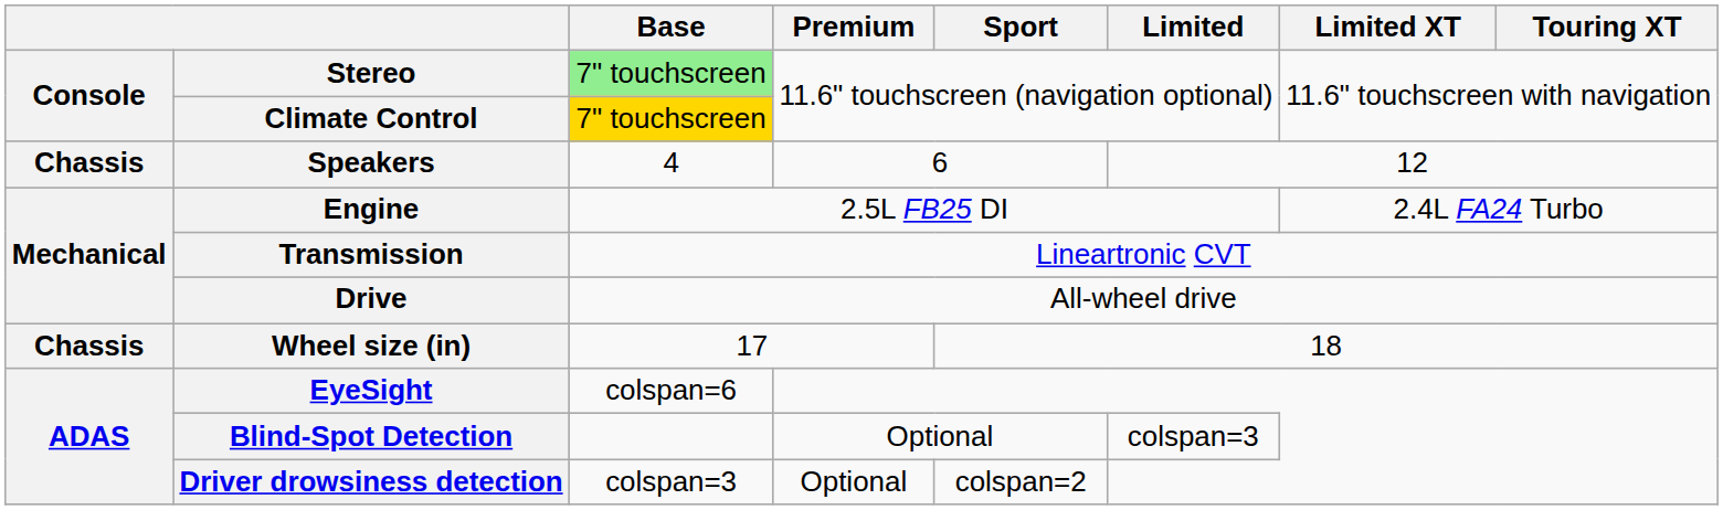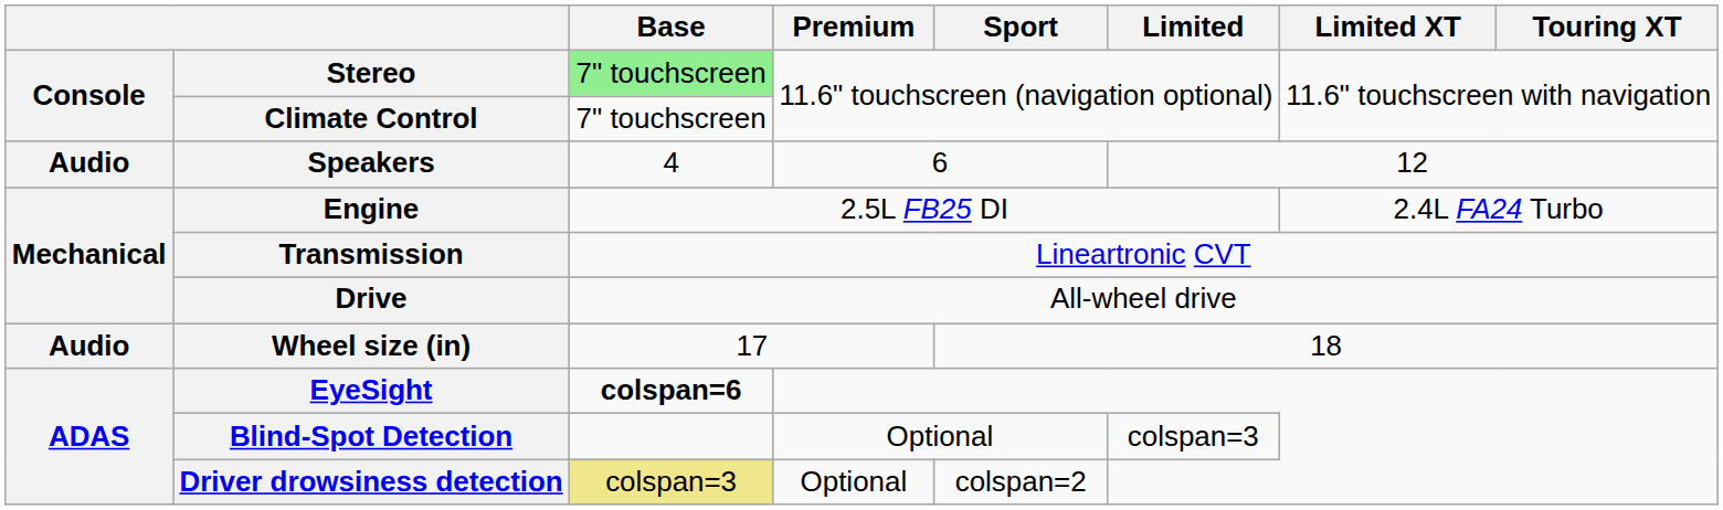 <table class=wikitable style="text-align:center;font-size:100%;">
 <tr>
 <th colspan=2> </th>
 <th>Base</th>
 <th>Premium</th>
 <th>Sport</th>
 <th>Limited</th>
 <th>Limited XT</th>
 <th>Touring XT</th>
 </tr>
 <tr>
 <th rowspan=2>Console</th>
 <th>Stereo</th>
 <td style="background: lightgreen;">7" touchscreen</td>
 <td rowspan=2 colspan=3>11.6" touchscreen (navigation optional)</td>
 <td rowspan=2 colspan=2>11.6" touchscreen with navigation</td>
 </tr>
 <tr>
 <th>Climate Control</th>
-<td style="background: gold;">7" touchscreen</td>
+<td>7" touchscreen</td>
 </tr>
 <tr>
-<th>Chassis</th>
+<th>Audio</th>
 <th>Speakers</th>
 <td>4</td>
 <td colspan=2>6</td>
 <td colspan=3>12</td>
 </tr>
 <tr>
 <th rowspan=3>Mechanical</th>
 <th>Engine</th>
 <td colspan=4>2.5L <a href='#'><em>FB25</em></a> DI</td>
 <td colspan=2>2.4L <a href='#'><em>FA24</em></a> Turbo</td>
 </tr>
 <tr>
 <th>Transmission</th>
 <td colspan=6><a href='#'>Lineartronic</a> <a href='#'>CVT</a></td>
 </tr>
 <tr>
 <th>Drive</th>
 <td colspan=6>All-wheel drive</td>
 </tr>
 <tr>
-<th>Chassis</th>
+<th>Audio</th>
 <th>Wheel size (in)</th>
 <td colspan=2>17</td>
 <td colspan=4>18</td>
 </tr>
 <tr>
 <th rowspan=3><a href='#'>ADAS</a></th>
 <th><a href='#'>EyeSight</a></th>
-<td>colspan=6 </td>
+<td><strong>colspan=6 </strong></td>
 </tr>
 <tr>
 <th><a href='#'>Blind-Spot Detection</a></th>
 <td></td>
 <td colspan=2>Optional</td>
 <td>colspan=3 </td>
 </tr>
 <tr>
 <th><a href='#'>Driver drowsiness detection</a></th>
-<td>colspan=3 </td>
+<td style="background: khaki;">colspan=3 </td>
 <td colspan=1>Optional</td>
 <td>colspan=2 </td>
 </tr>
 </table>
